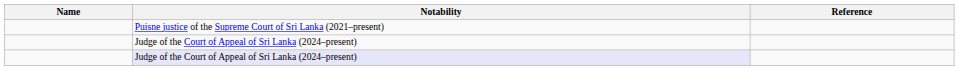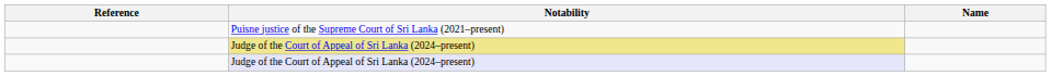 <table class="wikitable sortable" style="width:100%">
 <tr>
+<th style="width:*;" class="unsortable">Reference</th>
+<th style="width:65%;" class="unsortable">Notability</th>
 <th style="width:*;">Name</th>
-<th style="width:65%;" class="unsortable">Notability</th>
-<th style="width:*;" class="unsortable">Reference</th>
 </tr>
 <tr>
+<td style="text-align:center;"></td>
+<td><a href='#'>Puisne justice</a> of the <a href='#'>Supreme Court of Sri Lanka</a> (2021–present)</td>
 <td></td>
-<td><a href='#'>Puisne justice</a> of the <a href='#'>Supreme Court of Sri Lanka</a> (2021–present)</td>
-<td style="text-align:center;"></td>
 </tr>
 <tr>
+<td style="text-align:center;"></td>
+<td style="background: khaki;">Judge of the <a href='#'>Court of Appeal of Sri Lanka</a> (2024–present)</td>
 <td></td>
-<td>Judge of the <a href='#'>Court of Appeal of Sri Lanka</a> (2024–present)</td>
-<td style="text-align:center;"></td>
 </tr>
 <tr>
+<td style="text-align:center;"></td>
+<td style="background: lavender;">Judge of the Court of Appeal of Sri Lanka (2024–present)</td>
 <td></td>
-<td style="background: lavender;">Judge of the Court of Appeal of Sri Lanka (2024–present)</td>
-<td style="text-align:center;"></td>
 </tr>
 </table>
